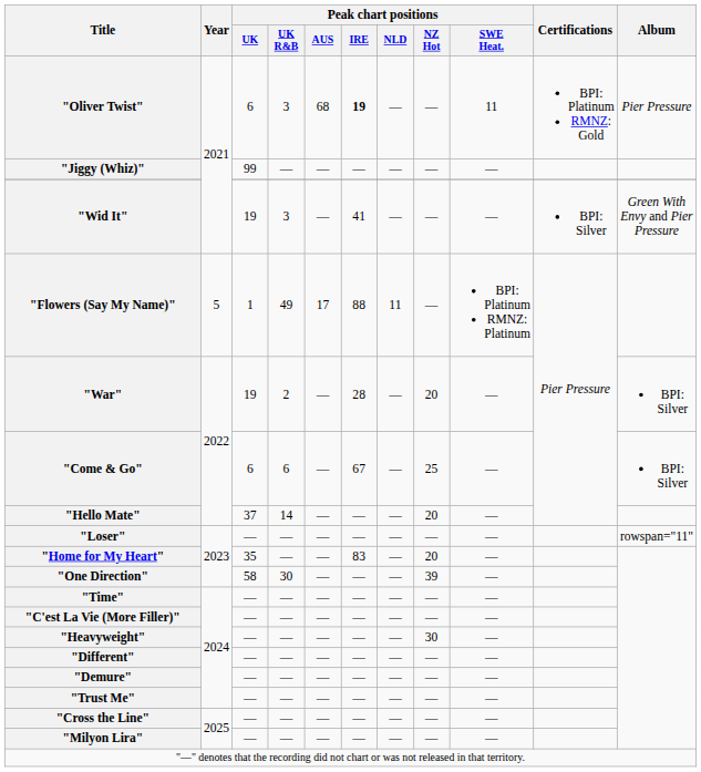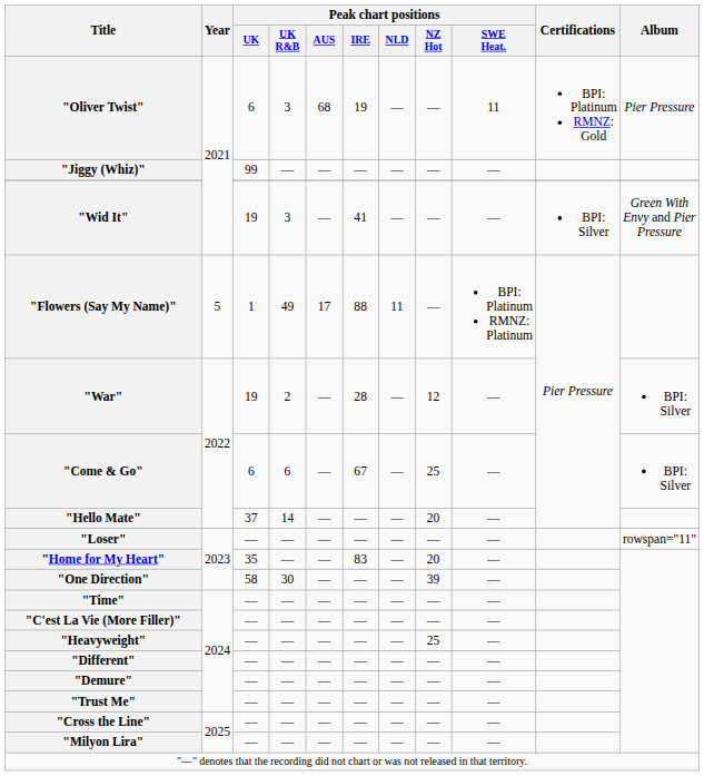 <table class="wikitable plainrowheaders" style="text-align:center;">
 <tr>
 <th scope="col" rowspan="2" style="width:16em;">Title</th>
 <th scope="col" rowspan="2">Year</th>
 <th scope="col" colspan="7">Peak chart positions</th>
 <th rowspan="2">Certifications</th>
 <th scope="col" rowspan="2">Album</th>
 </tr>
 <tr>
 <th scope="col" style="width:3em;font-size:85%;"><a href='#'>UK</a><br></th>
 <th scope="col" style="width:3em;font-size:85%;"><a href='#'>UK<br>R&B</a><br></th>
 <th scope="col" style="width:3em;font-size:85%;"><a href='#'>AUS</a><br></th>
 <th scope="col" style="width:3em;font-size:85%;"><a href='#'>IRE</a><br></th>
 <th scope="col" style="width:3em;font-size:85%;"><a href='#'>NLD</a><br></th>
 <th scope="col" style="width:3em;font-size:85%;"><a href='#'>NZ<br>Hot</a><br></th>
 <th scope="col" style="width:3em;font-size:85%;"><a href='#'>SWE<br>Heat.</a><br></th>
 </tr>
 <tr>
 <th scope="row">"Oliver Twist"</th>
 <td rowspan="4">2021</td>
 <td>6</td>
 <td>3</td>
 <td>68</td>
-<td><strong>19</strong></td>
+<td>19</td>
 <td>—</td>
 <td>—</td>
 <td>11</td>
 <td><br><ul><li>BPI: Platinum</li><li><a href='#'>RMNZ</a>: Gold</li></ul></td>
 <td><em>Pier Pressure</em></td>
 </tr>
 <tr>
 <th scope="row">"Jiggy (Whiz)"</th>
 <td>99</td>
 <td>—</td>
 <td>—</td>
 <td>—</td>
 <td>—</td>
 <td>—</td>
 <td>—</td>
 <td></td>
 <td></td>
 </tr>
 <tr>
 </tr>
 <tr>
 <th scope="row">"Wid It"<br></th>
 <td>19</td>
 <td>3</td>
 <td>—</td>
 <td>41</td>
 <td>—</td>
 <td>—</td>
 <td>—</td>
 <td><br><ul><li>BPI: Silver</li></ul></td>
 <td><em>Green With Envy</em> and <em>Pier Pressure</em></td>
 </tr>
 <tr>
 <th scope="row">"Flowers (Say My Name)"</th>
 <td>5</td>
 <td>1</td>
 <td>49</td>
 <td>17</td>
 <td>88</td>
 <td>11</td>
 <td>—</td>
 <td><br><ul><li>BPI: Platinum</li><li>RMNZ: Platinum</li></ul></td>
 <td rowspan="4"><em>Pier Pressure</em></td>
 </tr>
 <tr>
 <th scope="row">"War"<br></th>
 <td rowspan="3">2022</td>
 <td>19</td>
 <td>2</td>
 <td>—</td>
 <td>28</td>
 <td>—</td>
-<td>20</td>
+<td>12</td>
 <td>—</td>
 <td><br><ul><li>BPI: Silver</li></ul></td>
 </tr>
 <tr>
 <th scope="row">"Come & Go"</th>
 <td>6</td>
 <td>6</td>
 <td>—</td>
 <td>67</td>
 <td>—</td>
 <td>25</td>
 <td>—</td>
 <td><br><ul><li>BPI: Silver</li></ul></td>
 </tr>
 <tr>
 <th scope="row">"Hello Mate"<br></th>
 <td>37</td>
 <td>14</td>
 <td>—</td>
 <td>—</td>
 <td>—</td>
 <td>20</td>
 <td>—</td>
 <td></td>
 </tr>
 <tr>
 <th scope="row">"Loser"</th>
 <td rowspan="3">2023</td>
 <td>—</td>
 <td>—</td>
 <td>—</td>
 <td>—</td>
 <td>—</td>
 <td>—</td>
 <td>—</td>
 <td></td>
 <td>rowspan="11" </td>
 </tr>
 <tr>
 <th scope="row">"<a href='#'>Home for My Heart</a>"<br></th>
 <td>35</td>
 <td>—</td>
 <td>—</td>
 <td>83</td>
 <td>—</td>
 <td>20</td>
 <td>—</td>
 <td></td>
 </tr>
 <tr>
 <th scope="row">"One Direction"<br></th>
 <td>58</td>
 <td>30</td>
 <td>—</td>
 <td>—</td>
 <td>—</td>
 <td>39</td>
 <td>—</td>
 <td></td>
 </tr>
 <tr>
 <th scope="row">"Time"<br></th>
 <td rowspan="6">2024</td>
 <td>—</td>
 <td>—</td>
 <td>—</td>
 <td>—</td>
 <td>—</td>
 <td>—</td>
 <td>—</td>
 <td></td>
 </tr>
 <tr>
 <th scope="row">"C'est La Vie (More Filler)"<br></th>
 <td>—</td>
 <td>—</td>
 <td>—</td>
 <td>—</td>
 <td>—</td>
 <td>—</td>
 <td>—</td>
 <td></td>
 </tr>
 <tr>
 <th scope="row">"Heavyweight"<br></th>
 <td>—</td>
 <td>—</td>
 <td>—</td>
 <td>—</td>
 <td>—</td>
-<td>30</td>
+<td>25</td>
 <td>—</td>
 <td></td>
 </tr>
 <tr>
 <th scope="row">"Different"<br></th>
 <td>—</td>
 <td>—</td>
 <td>—</td>
 <td>—</td>
 <td>—</td>
 <td>—</td>
 <td>—</td>
 <td></td>
 </tr>
 <tr>
 <th scope="row">"Demure"<br></th>
 <td>—</td>
 <td>—</td>
 <td>—</td>
 <td>—</td>
 <td>—</td>
 <td>—</td>
 <td>—</td>
 <td></td>
 </tr>
 <tr>
 <th scope="row">"Trust Me"<br></th>
 <td>—</td>
 <td>—</td>
 <td>—</td>
 <td>—</td>
 <td>—</td>
 <td>—</td>
 <td>—</td>
 <td></td>
 </tr>
 <tr>
 <th scope="row">"Cross the Line"</th>
 <td rowspan="2">2025</td>
 <td>—</td>
 <td>—</td>
 <td>—</td>
 <td>—</td>
 <td>—</td>
 <td>—</td>
 <td>—</td>
 <td></td>
 </tr>
 <tr>
 <th scope="row">"Milyon Lira"<br></th>
 <td>—</td>
 <td>—</td>
 <td>—</td>
 <td>—</td>
 <td>—</td>
 <td>—</td>
 <td>—</td>
 <td></td>
 </tr>
 <tr>
 <td colspan="19" style="font-size:85%">"—" denotes that the recording did not chart or was not released in that territory.</td>
 </tr>
 </table>
